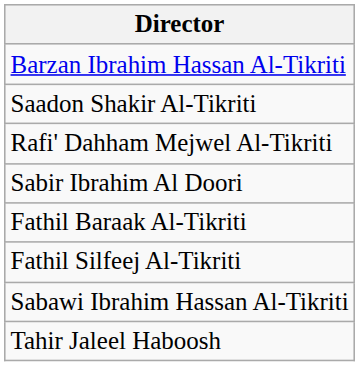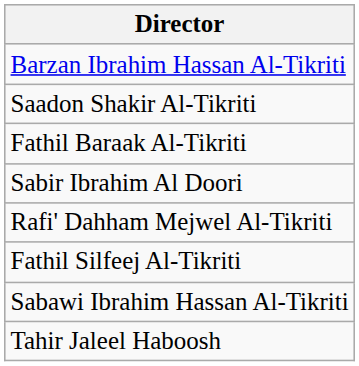 <table class="wikitable">
 <tr>
 <th>Director</th>
 </tr>
 <tr>
 <td><a href='#'>Barzan Ibrahim Hassan Al-Tikriti</a></td>
 </tr>
 <tr>
 <td>Saadon Shakir Al-Tikriti</td>
 </tr>
 <tr>
-<td>Rafi' Dahham Mejwel Al-Tikriti</td>
+<td>Fathil Baraak Al-Tikriti</td>
 </tr>
 <tr>
 <td>Sabir Ibrahim Al Doori</td>
 </tr>
 <tr>
-<td>Fathil Baraak Al-Tikriti</td>
+<td>Rafi' Dahham Mejwel Al-Tikriti</td>
 </tr>
 <tr>
 <td>Fathil Silfeej Al-Tikriti</td>
 </tr>
 <tr>
 <td>Sabawi Ibrahim Hassan Al-Tikriti</td>
 </tr>
 <tr>
 <td>Tahir Jaleel Haboosh</td>
 </tr>
 </table>
